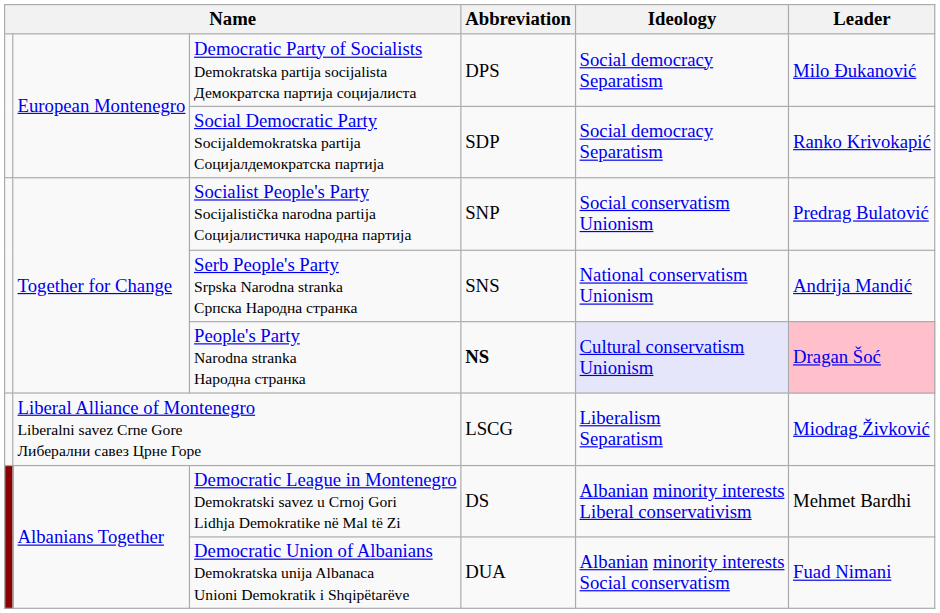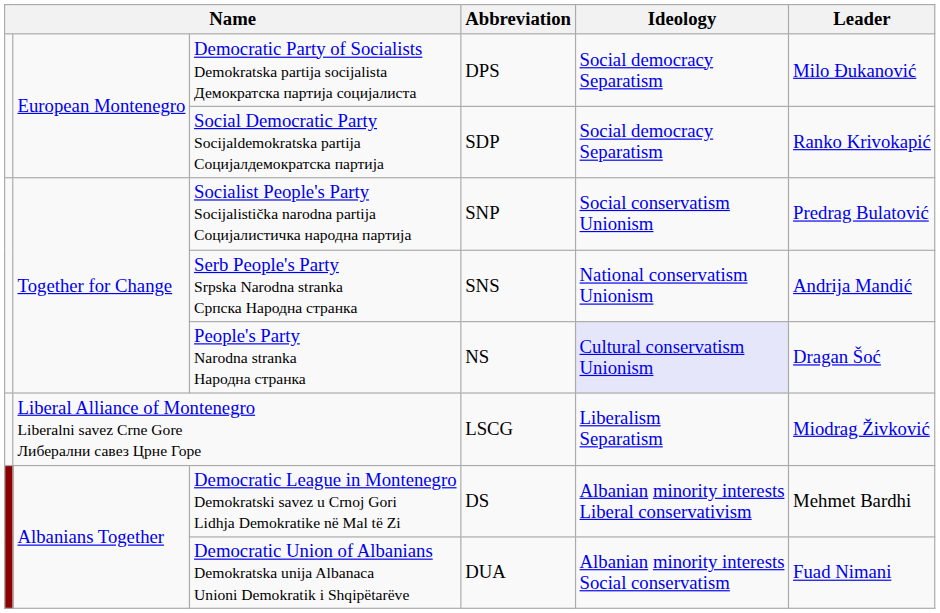 <table class=wikitable>
 <tr>
 <th colspan=3>Name</th>
 <th>Abbreviation</th>
 <th>Ideology</th>
 <th>Leader</th>
 </tr>
 <tr>
 <td rowspan=2 bgcolor=></td>
 <td rowspan=2><a href='#'>European Montenegro</a></td>
 <td><a href='#'>Democratic Party of Socialists</a><br><small>Demokratska partija socijalista<br>Демократска партија социјалиста</small></td>
 <td>DPS</td>
 <td><a href='#'>Social democracy</a><br><a href='#'>Separatism</a></td>
 <td><a href='#'>Milo Đukanović</a></td>
 </tr>
 <tr>
 <td><a href='#'>Social Democratic Party</a><br><small>Socijaldemokratska partija<br>Социјалдемократска партија</small></td>
 <td>SDP</td>
 <td><a href='#'>Social democracy</a><br><a href='#'>Separatism</a></td>
 <td><a href='#'>Ranko Krivokapić</a></td>
 </tr>
 <tr>
 <td rowspan=3 bgcolor=></td>
 <td rowspan=3><a href='#'>Together for Change</a></td>
 <td><a href='#'>Socialist People's Party</a><br><small>Socijalistička narodna partija<br>Социјалистичка народна партија</small></td>
 <td>SNP</td>
 <td><a href='#'>Social conservatism</a><br><a href='#'>Unionism</a></td>
 <td><a href='#'>Predrag Bulatović</a></td>
 </tr>
 <tr>
 <td><a href='#'>Serb People's Party</a><br><small>Srpska Narodna stranka<br>Српска Народна странка</small></td>
 <td>SNS</td>
 <td><a href='#'>National conservatism</a><br><a href='#'>Unionism</a></td>
 <td><a href='#'>Andrija Mandić</a></td>
 </tr>
 <tr>
 <td><a href='#'>People's Party</a><br><small>Narodna stranka<br>Народна странка</small></td>
-<td><strong>NS</strong></td>
+<td>NS</td>
 <td style="background: lavender;"><a href='#'>Cultural conservatism</a><br><a href='#'>Unionism</a></td>
-<td style="background: pink;"><a href='#'>Dragan Šoć</a></td>
+<td><a href='#'>Dragan Šoć</a></td>
 </tr>
 <tr>
 <td bgcolor=></td>
 <td colspan=2><a href='#'>Liberal Alliance of Montenegro</a><br><small>Liberalni savez Crne Gore<br>Либерални савез Црне Горе</small></td>
 <td>LSCG</td>
 <td><a href='#'>Liberalism</a><br><a href='#'>Separatism</a></td>
 <td><a href='#'>Miodrag Živković</a></td>
 </tr>
 <tr>
 <td rowspan=2 bgcolor=darkred></td>
 <td rowspan=2><a href='#'>Albanians Together</a></td>
 <td><a href='#'>Democratic League in Montenegro</a><br><small>Demokratski savez u Crnoj Gori<br>Lidhja Demokratike në Mal të Zi</small></td>
 <td>DS</td>
 <td><a href='#'>Albanian</a> <a href='#'>minority interests</a><br><a href='#'>Liberal conservativism</a></td>
 <td>Mehmet Bardhi</td>
 </tr>
 <tr>
 <td><a href='#'>Democratic Union of Albanians</a><br><small>Demokratska unija Albanaca<br>Unioni Demokratik i Shqipëtarëve</small></td>
 <td>DUA</td>
 <td><a href='#'>Albanian</a> <a href='#'>minority interests</a><br><a href='#'>Social conservatism</a></td>
 <td><a href='#'>Fuad Nimani</a></td>
 </tr>
 </table>
